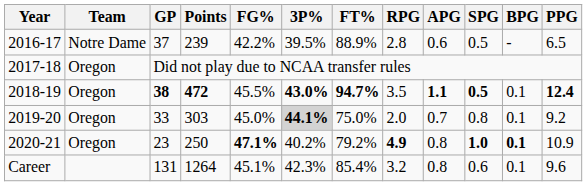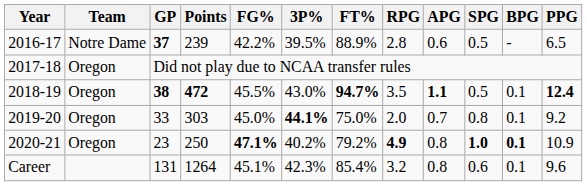 <table class="wikitable">
 <tr>
 <th>Year</th>
 <th>Team</th>
 <th>GP</th>
 <th>Points</th>
 <th>FG%</th>
 <th>3P%</th>
 <th>FT%</th>
 <th>RPG</th>
 <th>APG</th>
 <th>SPG</th>
 <th>BPG</th>
 <th>PPG</th>
 </tr>
 <tr>
 <td>2016-17</td>
 <td>Notre Dame</td>
-<td>37</td>
+<td><strong>37</strong></td>
 <td>239</td>
 <td>42.2%</td>
 <td>39.5%</td>
 <td>88.9%</td>
 <td>2.8</td>
 <td>0.6</td>
 <td>0.5</td>
 <td>-</td>
 <td>6.5</td>
 </tr>
 <tr>
 <td>2017-18</td>
 <td>Oregon</td>
 <td colspan="10">Did not play due to NCAA transfer rules</td>
 </tr>
 <tr>
 <td>2018-19</td>
 <td>Oregon</td>
 <td><strong>38</strong></td>
 <td><strong>472</strong></td>
 <td>45.5%</td>
-<td><strong>43.0%</strong></td>
+<td>43.0%</td>
 <td><strong>94.7%</strong></td>
 <td>3.5</td>
 <td><strong>1.1</strong></td>
-<td><strong>0.5</strong></td>
+<td>0.5</td>
 <td>0.1</td>
 <td><strong>12.4</strong></td>
 </tr>
 <tr>
 <td>2019-20</td>
 <td>Oregon</td>
 <td>33</td>
 <td>303</td>
 <td>45.0%</td>
-<td style="background: lightgrey;"><strong>44.1%</strong></td>
+<td><strong>44.1%</strong></td>
 <td>75.0%</td>
 <td>2.0</td>
 <td>0.7</td>
 <td>0.8</td>
 <td>0.1</td>
 <td>9.2</td>
 </tr>
 <tr>
 <td>2020-21</td>
 <td>Oregon</td>
 <td>23</td>
 <td>250</td>
 <td><strong>47.1%</strong></td>
 <td>40.2%</td>
 <td>79.2%</td>
 <td><strong>4.9</strong></td>
 <td>0.8</td>
 <td><strong>1.0</strong></td>
 <td><strong>0.1</strong></td>
 <td>10.9</td>
 </tr>
 <tr>
 <td>Career</td>
 <td></td>
 <td>131</td>
 <td>1264</td>
 <td>45.1%</td>
 <td>42.3%</td>
 <td>85.4%</td>
 <td>3.2</td>
 <td>0.8</td>
 <td>0.6</td>
 <td>0.1</td>
 <td>9.6</td>
 </tr>
 </table>
